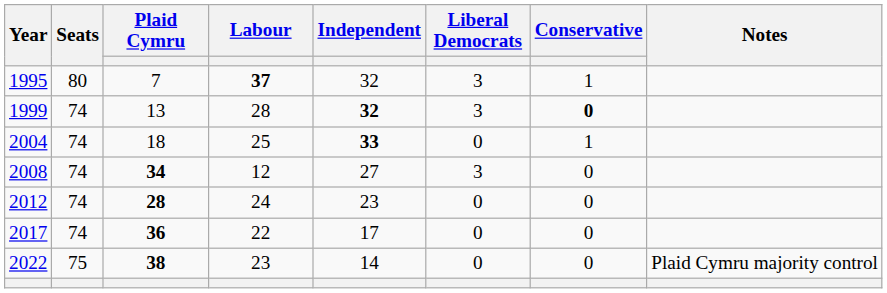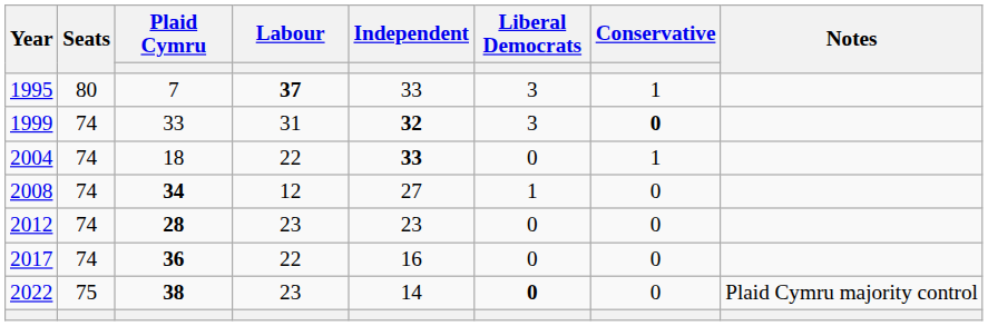 <table class="wikitable" style=text-align:center>
 <tr>
 <th rowspan=2>Year</th>
 <th rowspan=2>Seats</th>
 <th width="80"><a href='#'>Plaid Cymru</a></th>
 <th width="80"><a href='#'>Labour</a></th>
 <th width="80"><a href='#'>Independent</a></th>
 <th width="80"><a href='#'>Liberal Democrats</a></th>
 <th width="80"><a href='#'>Conservative</a></th>
 <th rowspan=2>Notes</th>
 </tr>
 <tr>
 <th style="background-color: "></th>
 <th style="background-color: "></th>
 <th style="background-color: "></th>
 <th style="background-color: "></th>
 <th style="background-color: "></th>
 </tr>
 <tr>
 <td><a href='#'>1995</a></td>
 <td>80</td>
 <td>7</td>
 <td><strong>37</strong></td>
-<td>32</td>
+<td>33</td>
 <td>3</td>
 <td>1</td>
 <td></td>
 </tr>
 <tr>
 <td><a href='#'>1999</a></td>
 <td>74</td>
-<td>13</td>
-<td>28</td>
+<td>33</td>
+<td>31</td>
 <td><strong>32</strong></td>
 <td>3</td>
 <td><strong>0</strong></td>
 <td></td>
 </tr>
 <tr>
 <td><a href='#'>2004</a></td>
 <td>74</td>
 <td>18</td>
-<td>25</td>
+<td>22</td>
 <td><strong>33</strong></td>
 <td>0</td>
 <td>1</td>
 <td></td>
 </tr>
 <tr>
 <td><a href='#'>2008</a></td>
 <td>74</td>
 <td><strong>34</strong></td>
 <td>12</td>
 <td>27</td>
-<td>3</td>
+<td>1</td>
 <td>0</td>
 <td></td>
 </tr>
 <tr>
 <td><a href='#'>2012</a></td>
 <td>74</td>
 <td><strong>28</strong></td>
-<td>24</td>
+<td>23</td>
 <td>23</td>
 <td>0</td>
 <td>0</td>
 <td></td>
 </tr>
 <tr>
 <td><a href='#'>2017</a></td>
 <td>74</td>
 <td><strong>36</strong></td>
 <td>22</td>
-<td>17</td>
+<td>16</td>
 <td>0</td>
 <td>0</td>
 <td></td>
 </tr>
 <tr>
 <td><a href='#'>2022</a></td>
 <td>75</td>
 <td><strong>38</strong></td>
 <td>23</td>
 <td>14</td>
-<td>0</td>
+<td><strong>0</strong></td>
 <td>0</td>
 <td align=left>Plaid Cymru majority control</td>
 </tr>
 <tr>
 <th></th>
 <th></th>
 <th style="background-color: "></th>
 <th style="background-color: "></th>
 <th style="background-color: "></th>
 <th style="background-color: "></th>
 <th style="background-color: "></th>
 <th></th>
 </tr>
 </table>
